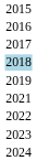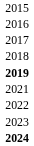 <table>
 <tr>
 <td align="center">2015</td>
 <td></td>
 <td></td>
 <td></td>
 </tr>
 <tr>
 <td align="center">2016</td>
 <td></td>
 <td></td>
 <td></td>
 </tr>
 <tr>
 <td align="center">2017</td>
 <td></td>
 <td></td>
 <td></td>
 </tr>
 <tr>
-<td align="center" style="background: lightblue;">2018</td>
+<td align="center">2018</td>
 <td></td>
 <td></td>
 <td></td>
 </tr>
 <tr>
-<td align="center">2019</td>
+<td align="center"><strong>2019</strong></td>
 <td></td>
 <td></td>
 <td></td>
 </tr>
 <tr>
 <td align="center">2021</td>
 <td></td>
 <td></td>
 <td></td>
 </tr>
 <tr>
 <td align="center">2022</td>
 <td></td>
 <td></td>
 <td></td>
 </tr>
 <tr>
 <td align="center">2023</td>
 <td></td>
 <td></td>
 <td></td>
 </tr>
 <tr>
-<td align="center">2024</td>
+<td align="center"><strong>2024</strong></td>
 <td></td>
 <td></td>
 <td></td>
 </tr>
 </table>
